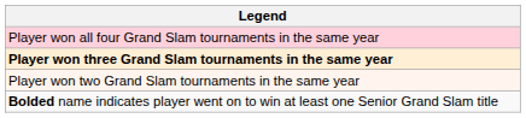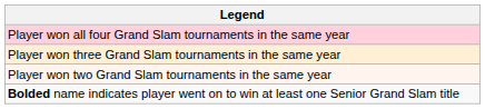 <table class="wikitable" style="font-size:95%; width:38em">
 <tr>
 <th>Legend</th>
 </tr>
 <tr>
 <td bgcolor="FFD1DC">Player won all four Grand Slam tournaments in the same year</td>
 </tr>
 <tr>
-<td bgcolor="FFEFD5"><strong>Player won three Grand Slam tournaments in the same year</strong></td>
+<td bgcolor="FFEFD5">Player won three Grand Slam tournaments in the same year</td>
 </tr>
 <tr>
 <td bgcolor="#FFF5EE">Player won two Grand Slam tournaments in the same year</td>
 </tr>
 <tr>
 <td><strong>Bolded</strong> name indicates player went on to win at least one Senior Grand Slam title</td>
 </tr>
 </table>
